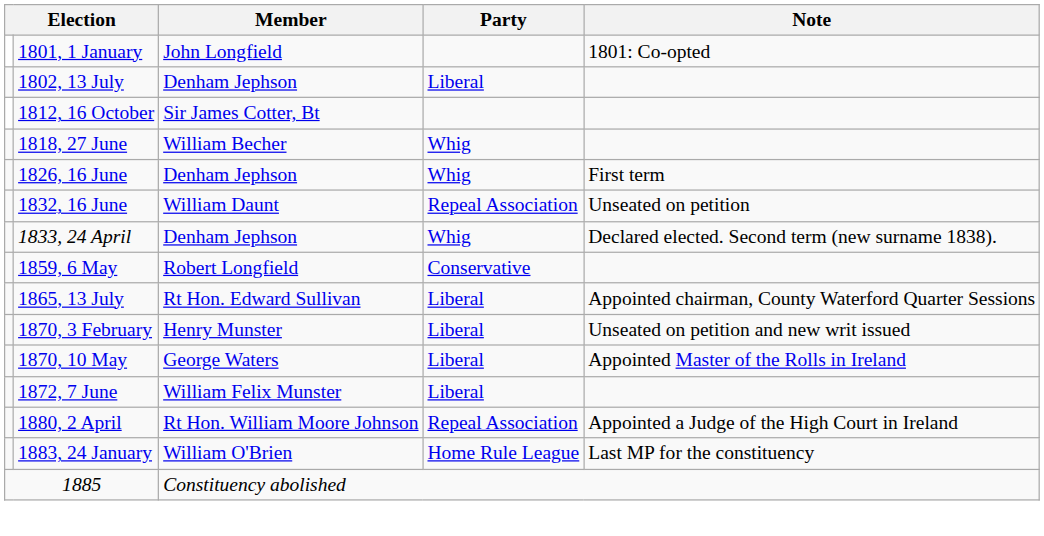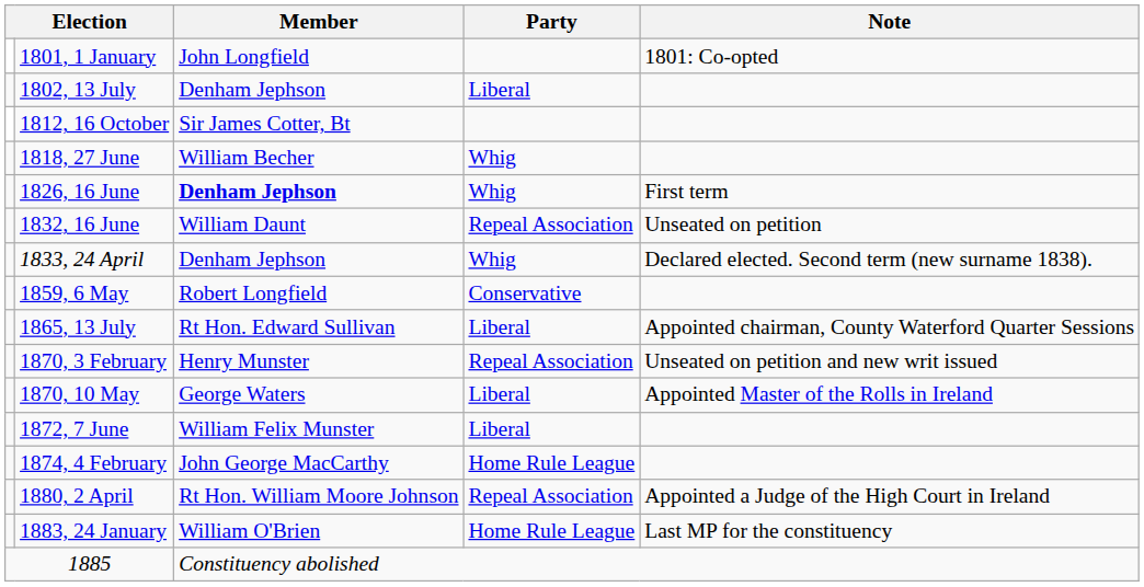 <table class="wikitable">
 <tr>
 <th colspan="2">Election</th>
 <th>Member</th>
 <th>Party</th>
 <th>Note</th>
 </tr>
 <tr>
 <td style="color:inherit;background-color: white"></td>
 <td><a href='#'>1801, 1 January</a></td>
 <td><a href='#'>John Longfield</a></td>
 <td></td>
 <td>1801: Co-opted</td>
 </tr>
 <tr>
 <td style="color:inherit;background-color: "></td>
 <td><a href='#'>1802, 13 July</a></td>
 <td><a href='#'>Denham Jephson</a></td>
 <td><a href='#'>Liberal</a></td>
 <td></td>
 </tr>
 <tr>
 <td style="color:inherit;background-color: white"></td>
 <td><a href='#'>1812, 16 October</a></td>
 <td><a href='#'>Sir James Cotter, Bt</a></td>
 <td></td>
 <td></td>
 </tr>
 <tr>
 <td style="color:inherit;background-color: "></td>
 <td><a href='#'>1818, 27 June</a></td>
 <td><a href='#'>William Becher</a></td>
 <td><a href='#'>Whig</a></td>
 <td></td>
 </tr>
 <tr>
 <td style="color:inherit;background-color: "></td>
 <td><a href='#'>1826, 16 June</a></td>
-<td><a href='#'>Denham Jephson</a></td>
+<td><strong><a href='#'>Denham Jephson</a></strong></td>
 <td><a href='#'>Whig</a></td>
 <td>First term</td>
 </tr>
 <tr>
 <td style="color:inherit;background-color: "></td>
 <td><a href='#'>1832, 16 June</a></td>
 <td><a href='#'>William Daunt</a></td>
 <td><a href='#'>Repeal Association</a></td>
 <td>Unseated on petition</td>
 </tr>
 <tr>
 <td style="color:inherit;background-color: "></td>
 <td><em>1833, 24 April</em></td>
 <td><a href='#'>Denham Jephson</a></td>
 <td><a href='#'>Whig</a></td>
 <td>Declared elected. Second term (new surname 1838).</td>
 </tr>
 <tr>
 <td style="color:inherit;background-color: "></td>
 <td><a href='#'>1859, 6 May</a></td>
 <td><a href='#'>Robert Longfield</a></td>
 <td><a href='#'>Conservative</a></td>
 <td></td>
 </tr>
 <tr>
 <td style="color:inherit;background-color: "></td>
 <td><a href='#'>1865, 13 July</a></td>
 <td><a href='#'>Rt Hon. Edward Sullivan</a></td>
 <td><a href='#'>Liberal</a></td>
 <td>Appointed chairman, County Waterford Quarter Sessions</td>
 </tr>
 <tr>
 <td style="color:inherit;background-color: "></td>
 <td><a href='#'>1870, 3 February</a></td>
 <td><a href='#'>Henry Munster</a></td>
-<td><a href='#'>Liberal</a></td>
+<td><a href='#'>Repeal Association</a></td>
 <td>Unseated on petition and new writ issued</td>
 </tr>
 <tr>
 <td style="color:inherit;background-color: "></td>
 <td><a href='#'>1870, 10 May</a></td>
 <td><a href='#'>George Waters</a></td>
 <td><a href='#'>Liberal</a></td>
 <td>Appointed <a href='#'>Master of the Rolls in Ireland</a></td>
 </tr>
 <tr>
 <td style="color:inherit;background-color: "></td>
 <td><a href='#'>1872, 7 June</a></td>
 <td><a href='#'>William Felix Munster</a></td>
 <td><a href='#'>Liberal</a></td>
+<td></td>
+</tr>
+<tr>
+<td style="color:inherit;background-color: "></td>
+<td><a href='#'>1874, 4 February</a></td>
+<td><a href='#'>John George MacCarthy</a></td>
+<td><a href='#'>Home Rule League</a></td>
 <td></td>
 </tr>
 <tr>
 <td style="color:inherit;background-color: "></td>
 <td><a href='#'>1880, 2 April</a></td>
 <td><a href='#'>Rt Hon. William Moore Johnson</a></td>
 <td><a href='#'>Repeal Association</a></td>
 <td>Appointed a Judge of the High Court in Ireland</td>
 </tr>
 <tr>
 <td style="color:inherit;background-color: "></td>
 <td><a href='#'>1883, 24 January</a></td>
 <td><a href='#'>William O'Brien</a></td>
 <td><a href='#'>Home Rule League</a></td>
 <td>Last MP for the constituency</td>
 </tr>
 <tr>
 <td colspan="2" align="center"><em>1885</em></td>
 <td colspan="3"><em>Constituency abolished</em></td>
 </tr>
 </table>
